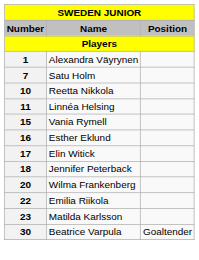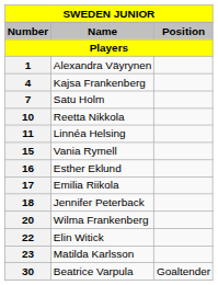 <table class="wikitable" style="text-align:left; font-size:90%;">
 <tr>
 <th style=background:Yellow colspan=3>SWEDEN JUNIOR</th>
 </tr>
 <tr>
 <th style="background:silver;">Number</th>
 <th style="background:silver;">Name</th>
 <th style="background:silver;">Position</th>
 </tr>
 <tr>
 <th style=background:Yellow colspan=3>Players</th>
 </tr>
 <tr>
 <th>1</th>
 <td>Alexandra Väyrynen</td>
+<td></td>
+</tr>
+<tr>
+<th>4</th>
+<td>Kajsa Frankenberg</td>
 <td></td>
 </tr>
 <tr>
 <th>7</th>
 <td>Satu Holm</td>
 <td></td>
 </tr>
 <tr>
 <th>10</th>
 <td>Reetta Nikkola</td>
 <td></td>
 </tr>
 <tr>
 <th>11</th>
 <td>Linnéa Helsing</td>
 <td></td>
 </tr>
 <tr>
 <th>15</th>
 <td>Vania Rymell</td>
 <td></td>
 </tr>
 <tr>
 <th>16</th>
 <td>Esther Eklund</td>
 <td></td>
 </tr>
 <tr>
 <th>17</th>
-<td>Elin Witick</td>
+<td>Emilia Riikola</td>
 <td></td>
 </tr>
 <tr>
 <th>18</th>
 <td>Jennifer Peterback</td>
 <td></td>
 </tr>
 <tr>
 <th>20</th>
 <td>Wilma Frankenberg</td>
 <td></td>
 </tr>
 <tr>
 <th>22</th>
-<td>Emilia Riikola</td>
+<td>Elin Witick</td>
 <td></td>
 </tr>
 <tr>
 <th>23</th>
 <td>Matilda Karlsson</td>
 <td></td>
 </tr>
 <tr>
 <th>30</th>
 <td>Beatrice Varpula</td>
 <td>Goaltender</td>
 </tr>
 </table>
